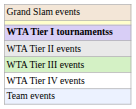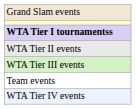 <table class=wikitable style=font-size:90%;width:12%>
 <tr style=background:#f3e6d7;>
 <td>Grand Slam events</td>
 </tr>
 <tr style=background:#ffc;>
 <td></td>
 </tr>
 <tr style=background:#d8cef6;>
 <td><strong>WTA Tier I tournamentss</strong></td>
 </tr>
 <tr style=background:#e9e9e9;>
 <td>WTA Tier II events</td>
 </tr>
 <tr style=background:#d4f1c5;>
 <td>WTA Tier III events</td>
 </tr>
 <tr style=background:#fff;>
+<td>Team events</td>
+</tr>
+<tr style=background:#ecf2ff;>
 <td>WTA Tier IV events</td>
 </tr>
-<tr style=background:#ecf2ff;>
-<td>Team events</td>
-</tr>
 </table>
